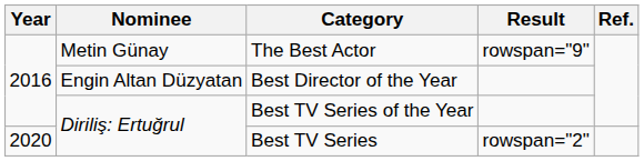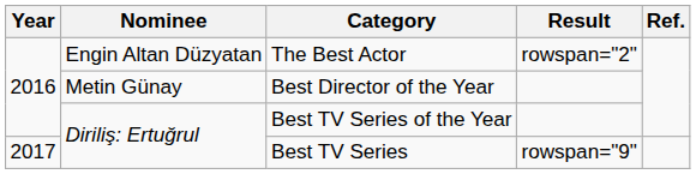 <table class="wikitable">
 <tr>
 <th>Year</th>
 <th>Nominee</th>
 <th>Category</th>
 <th>Result</th>
 <th>Ref.</th>
 </tr>
 <tr>
 <td rowspan="3">2016</td>
-<td>Metin Günay</td>
+<td>Engin Altan Düzyatan</td>
 <td>The Best Actor</td>
-<td>rowspan="9" </td>
+<td>rowspan="2" </td>
 <td rowspan="3" style="text-align: center;"></td>
 </tr>
 <tr>
-<td>Engin Altan Düzyatan</td>
+<td>Metin Günay</td>
 <td>Best Director of the Year</td>
 </tr>
 <tr>
 <td rowspan="2"><em>Diriliş: Ertuğrul</em></td>
 <td>Best TV Series of the Year</td>
 <td></td>
 </tr>
 <tr>
-<td>2020</td>
+<td>2017</td>
 <td>Best TV Series</td>
-<td>rowspan="2" </td>
+<td>rowspan="9" </td>
 <td style = "text-align: center;"></td>
 </tr>
 </table>
